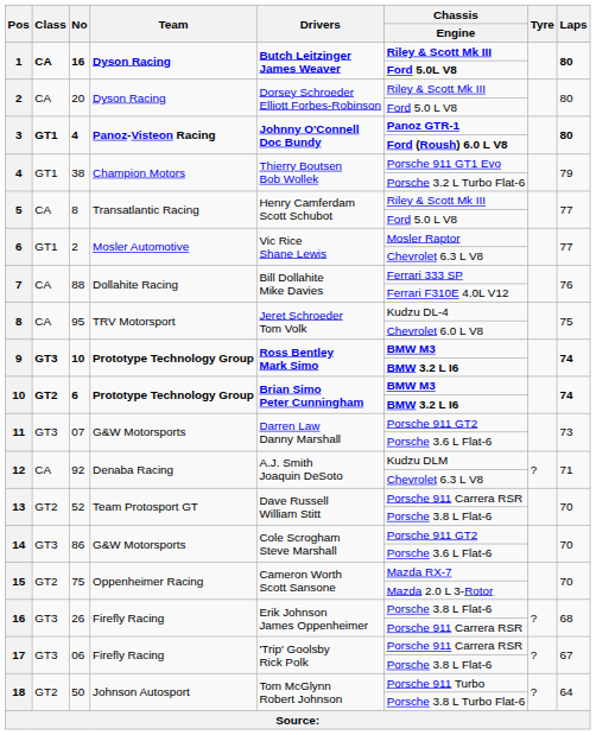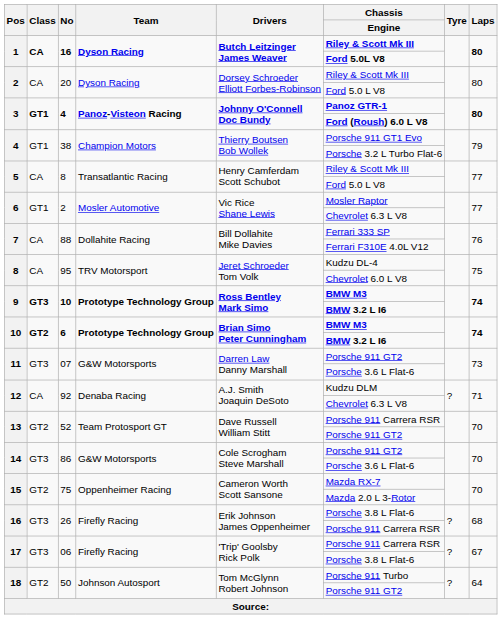 <table class="wikitable" style="font-size: 95%;">
 <tr>
 <th rowspan=2>Pos</th>
 <th rowspan=2>Class</th>
 <th rowspan=2>No</th>
 <th rowspan=2>Team</th>
 <th rowspan=2>Drivers</th>
 <th>Chassis</th>
 <th rowspan=2>Tyre</th>
 <th rowspan=2>Laps</th>
 </tr>
 <tr>
 <th>Engine</th>
 </tr>
 <tr>
 <th rowspan=2>1</th>
 <td rowspan=2><strong>CA</strong></td>
 <td rowspan=2><strong>16</strong></td>
 <td rowspan=2><strong> <a href='#'>Dyson Racing</a></strong></td>
 <td rowspan=2><strong> <a href='#'>Butch Leitzinger</a><br> <a href='#'>James Weaver</a></strong></td>
 <td><strong><a href='#'>Riley & Scott Mk III</a></strong></td>
 <td rowspan=2></td>
 <td rowspan=2><strong>80</strong></td>
 </tr>
 <tr>
 <td><strong><a href='#'>Ford</a> 5.0L V8</strong></td>
 </tr>
 <tr>
 <th rowspan=2>2</th>
 <td rowspan=2>CA</td>
 <td rowspan=2>20</td>
 <td rowspan=2> <a href='#'>Dyson Racing</a></td>
 <td rowspan=2> <a href='#'>Dorsey Schroeder</a><br> <a href='#'>Elliott Forbes-Robinson</a></td>
 <td><a href='#'>Riley & Scott Mk III</a></td>
 <td rowspan=2></td>
 <td rowspan=2>80</td>
 </tr>
 <tr>
 <td><a href='#'>Ford</a> 5.0 L V8</td>
 </tr>
 <tr>
 <th rowspan=2>3</th>
 <td rowspan=2><strong>GT1</strong></td>
 <td rowspan=2><strong>4</strong></td>
 <td rowspan=2><strong> <a href='#'>Panoz</a>-<a href='#'>Visteon</a> Racing</strong></td>
 <td rowspan=2><strong> <a href='#'>Johnny O'Connell</a><br> <a href='#'>Doc Bundy</a></strong></td>
 <td><strong><a href='#'>Panoz GTR-1</a></strong></td>
 <td rowspan=2></td>
 <td rowspan=2><strong>80</strong></td>
 </tr>
 <tr>
 <td><strong><a href='#'>Ford</a> (<a href='#'>Roush</a>) 6.0 L V8</strong></td>
 </tr>
 <tr>
 <th rowspan=2>4</th>
 <td rowspan=2>GT1</td>
 <td rowspan=2>38</td>
 <td rowspan=2> <a href='#'>Champion Motors</a></td>
 <td rowspan=2> <a href='#'>Thierry Boutsen</a><br> <a href='#'>Bob Wollek</a></td>
 <td><a href='#'>Porsche 911 GT1 Evo</a></td>
 <td rowspan=2></td>
 <td rowspan=2>79</td>
 </tr>
 <tr>
 <td><a href='#'>Porsche</a> 3.2 L Turbo Flat-6</td>
 </tr>
 <tr>
 <th rowspan=2>5</th>
 <td rowspan=2>CA</td>
 <td rowspan=2>8</td>
 <td rowspan=2> Transatlantic Racing</td>
 <td rowspan=2> Henry Camferdam<br> Scott Schubot</td>
 <td><a href='#'>Riley & Scott Mk III</a></td>
 <td rowspan=2></td>
 <td rowspan=2>77</td>
 </tr>
 <tr>
 <td><a href='#'>Ford</a> 5.0 L V8</td>
 </tr>
 <tr>
 <th rowspan=2>6</th>
 <td rowspan=2>GT1</td>
 <td rowspan=2>2</td>
 <td rowspan=2> <a href='#'>Mosler Automotive</a></td>
 <td rowspan=2> Vic Rice<br> <a href='#'>Shane Lewis</a></td>
 <td><a href='#'>Mosler Raptor</a></td>
 <td rowspan=2></td>
 <td rowspan=2>77</td>
 </tr>
 <tr>
 <td><a href='#'>Chevrolet</a> 6.3 L V8</td>
 </tr>
 <tr>
 <th rowspan=2>7</th>
 <td rowspan=2>CA</td>
 <td rowspan=2>88</td>
 <td rowspan=2> Dollahite Racing</td>
 <td rowspan=2> Bill Dollahite<br> Mike Davies</td>
 <td><a href='#'>Ferrari 333 SP</a></td>
 <td rowspan=2></td>
 <td rowspan=2>76</td>
 </tr>
 <tr>
 <td><a href='#'>Ferrari F310E</a> 4.0L V12</td>
 </tr>
 <tr>
 <th rowspan=2>8</th>
 <td rowspan=2>CA</td>
 <td rowspan=2>95</td>
 <td rowspan=2> TRV Motorsport</td>
 <td rowspan=2> <a href='#'>Jeret Schroeder</a><br> Tom Volk</td>
 <td>Kudzu DL-4</td>
 <td rowspan=2></td>
 <td rowspan=2>75</td>
 </tr>
 <tr>
 <td><a href='#'>Chevrolet</a> 6.0 L V8</td>
 </tr>
 <tr>
 <th rowspan=2>9</th>
 <td rowspan=2><strong>GT3</strong></td>
 <td rowspan=2><strong>10</strong></td>
 <td rowspan=2><strong> Prototype Technology Group</strong></td>
 <td rowspan=2><strong> <a href='#'>Ross Bentley</a><br> <a href='#'>Mark Simo</a></strong></td>
 <td><a href='#'><strong>BMW M3</strong></a></td>
 <td rowspan=2></td>
 <td rowspan=2><strong>74</strong></td>
 </tr>
 <tr>
 <td><strong><a href='#'>BMW</a> 3.2 L I6</strong></td>
 </tr>
 <tr>
 <th rowspan=2>10</th>
 <td rowspan=2><strong>GT2</strong></td>
 <td rowspan=2><strong>6</strong></td>
 <td rowspan=2><strong> Prototype Technology Group</strong></td>
 <td rowspan=2><strong> <a href='#'>Brian Simo</a><br> <a href='#'>Peter Cunningham</a></strong></td>
 <td><a href='#'><strong>BMW M3</strong></a></td>
 <td rowspan=2></td>
 <td rowspan=2><strong>74</strong></td>
 </tr>
 <tr>
 <td><strong><a href='#'>BMW</a> 3.2 L I6</strong></td>
 </tr>
 <tr>
 <th rowspan=2>11</th>
 <td rowspan=2>GT3</td>
 <td rowspan=2>07</td>
 <td rowspan=2> G&W Motorsports</td>
 <td rowspan=2> <a href='#'>Darren Law</a><br> Danny Marshall</td>
 <td><a href='#'>Porsche 911 GT2</a></td>
 <td rowspan=2></td>
 <td rowspan=2>73</td>
 </tr>
 <tr>
 <td><a href='#'>Porsche</a> 3.6 L Flat-6</td>
 </tr>
 <tr>
 <th rowspan=2>12</th>
 <td rowspan=2>CA</td>
 <td rowspan=2>92</td>
 <td rowspan=2> Denaba Racing</td>
 <td rowspan=2> A.J. Smith<br> Joaquin DeSoto</td>
 <td>Kudzu DLM</td>
 <td rowspan=2>?</td>
 <td rowspan=2>71</td>
 </tr>
 <tr>
 <td><a href='#'>Chevrolet</a> 6.3 L V8</td>
 </tr>
 <tr>
 <th rowspan=2>13</th>
 <td rowspan=2>GT2</td>
 <td rowspan=2>52</td>
 <td rowspan=2> Team Protosport GT</td>
 <td rowspan=2> Dave Russell<br> William Stitt</td>
 <td><a href='#'>Porsche 911</a> Carrera RSR</td>
 <td rowspan=2></td>
 <td rowspan=2>70</td>
 </tr>
 <tr>
-<td><a href='#'>Porsche</a> 3.8 L Flat-6</td>
+<td><a href='#'>Porsche 911 GT2</a></td>
 </tr>
 <tr>
 <th rowspan=2>14</th>
 <td rowspan=2>GT3</td>
 <td rowspan=2>86</td>
 <td rowspan=2> G&W Motorsports</td>
 <td rowspan=2> Cole Scrogham<br> Steve Marshall</td>
 <td><a href='#'>Porsche 911 GT2</a></td>
 <td rowspan=2></td>
 <td rowspan=2>70</td>
 </tr>
 <tr>
 <td><a href='#'>Porsche</a> 3.6 L Flat-6</td>
 </tr>
 <tr>
 <th rowspan=2>15</th>
 <td rowspan=2>GT2</td>
 <td rowspan=2>75</td>
 <td rowspan=2> Oppenheimer Racing</td>
 <td rowspan=2> Cameron Worth<br> Scott Sansone</td>
 <td><a href='#'>Mazda RX-7</a></td>
 <td rowspan=2></td>
 <td rowspan=2>70</td>
 </tr>
 <tr>
 <td><a href='#'>Mazda</a> 2.0 L 3-<a href='#'>Rotor</a></td>
 </tr>
 <tr>
 <th rowspan=2>16</th>
 <td rowspan=2>GT3</td>
 <td rowspan=2>26</td>
 <td rowspan=2> Firefly Racing</td>
 <td rowspan=2> Erik Johnson<br> James Oppenheimer</td>
 <td><a href='#'>Porsche</a> 3.8 L Flat-6</td>
 <td rowspan=2>?</td>
 <td rowspan=2>68</td>
 </tr>
 <tr>
 <td><a href='#'>Porsche 911</a> Carrera RSR</td>
 </tr>
 <tr>
 <th rowspan=2>17</th>
 <td rowspan=2>GT3</td>
 <td rowspan=2>06</td>
 <td rowspan=2> Firefly Racing</td>
 <td rowspan=2> 'Trip' Goolsby<br> Rick Polk</td>
 <td><a href='#'>Porsche 911</a> Carrera RSR</td>
 <td rowspan=2>?</td>
 <td rowspan=2>67</td>
 </tr>
 <tr>
 <td><a href='#'>Porsche</a> 3.8 L Flat-6</td>
 </tr>
 <tr>
 <th rowspan=2>18</th>
 <td rowspan=2>GT2</td>
 <td rowspan=2>50</td>
 <td rowspan=2> Johnson Autosport</td>
 <td rowspan=2> Tom McGlynn<br> Robert Johnson</td>
 <td><a href='#'>Porsche 911</a> Turbo</td>
 <td rowspan=2>?</td>
 <td rowspan=2>64</td>
 </tr>
 <tr>
-<td><a href='#'>Porsche</a> 3.8 L Turbo Flat-6</td>
+<td><a href='#'>Porsche 911 GT2</a></td>
 </tr>
 <tr>
 <th colspan="8">Source:</th>
 </tr>
 </table>
